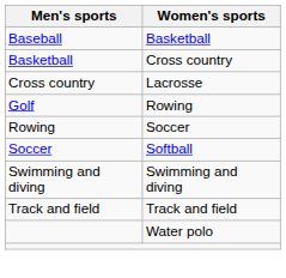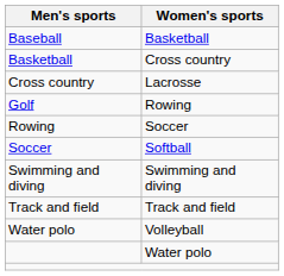 <table class="wikitable" style= " ">
 <tr>
 <th width=150px>Men's sports</th>
 <th width=150px>Women's sports</th>
 </tr>
 <tr>
 <td><a href='#'>Baseball</a></td>
 <td><a href='#'>Basketball</a></td>
 </tr>
 <tr>
 <td><a href='#'>Basketball</a></td>
 <td>Cross country</td>
 </tr>
 <tr>
 <td>Cross country</td>
 <td>Lacrosse</td>
 </tr>
 <tr>
 <td><a href='#'>Golf</a></td>
 <td>Rowing</td>
 </tr>
 <tr>
 <td>Rowing</td>
 <td>Soccer</td>
 </tr>
 <tr>
 <td><a href='#'>Soccer</a></td>
 <td><a href='#'>Softball</a></td>
 </tr>
 <tr>
 <td>Swimming and diving</td>
 <td>Swimming and diving</td>
 </tr>
 <tr>
 <td>Track and field</td>
 <td>Track and field</td>
 </tr>
 <tr>
+<td>Water polo</td>
+<td>Volleyball</td>
+</tr>
+<tr>
 <td></td>
 <td>Water polo</td>
 </tr>
 <tr>
 <td colspan="2"></td>
 </tr>
 </table>
